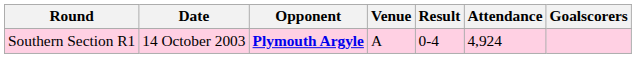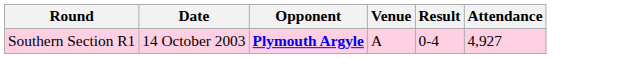 <table class="wikitable">
 <tr>
 <th>Round</th>
 <th>Date</th>
 <th>Opponent</th>
 <th>Venue</th>
 <th>Result</th>
 <th>Attendance</th>
-<th>Goalscorers</th>
 </tr>
 <tr style="background-color: #ffd0e3;">
 <td>Southern Section R1</td>
 <td>14 October 2003</td>
 <td><strong><a href='#'>Plymouth Argyle</a></strong></td>
 <td>A</td>
 <td>0-4</td>
-<td>4,924</td>
-<td></td>
+<td>4,927</td>
 </tr>
 </table>
